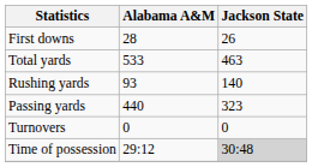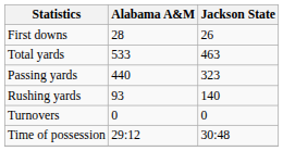 <table class="wikitable">
 <tr>
 <th>Statistics</th>
 <th>Alabama A&M</th>
 <th>Jackson State</th>
 </tr>
 <tr>
 <td>First downs</td>
 <td>28</td>
 <td>26</td>
 </tr>
 <tr>
 <td>Total yards</td>
 <td>533</td>
 <td>463</td>
 </tr>
 <tr>
+<td>Passing yards</td>
+<td>440</td>
+<td>323</td>
+</tr>
+<tr>
 <td>Rushing yards</td>
 <td>93</td>
 <td>140</td>
-</tr>
-<tr>
-<td>Passing yards</td>
-<td>440</td>
-<td>323</td>
 </tr>
 <tr>
 <td>Turnovers</td>
 <td>0</td>
 <td>0</td>
 </tr>
 <tr>
 <td>Time of possession</td>
 <td>29:12</td>
-<td style="background: lightgrey;">30:48</td>
+<td>30:48</td>
 </tr>
 <tr>
 </tr>
 </table>
